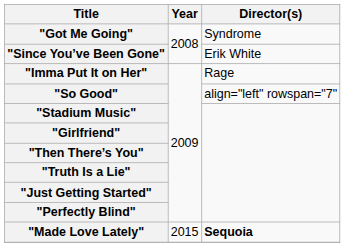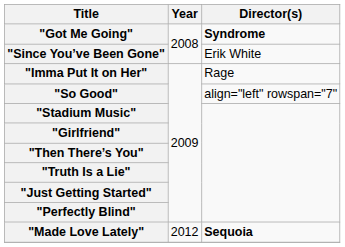 <table class="wikitable plainrowheaders sortable" border="1">
 <tr>
 <th scope="col">Title</th>
 <th scope="col">Year</th>
 <th scope="col">Director(s)</th>
 </tr>
 <tr>
 <th scope="row">"Got Me Going"</th>
 <td rowspan="2" style="text-align:center;">2008</td>
-<td align="left">Syndrome</td>
+<td align="left"><strong>Syndrome</strong></td>
 </tr>
 <tr>
 <th scope="row">"Since You’ve Been Gone"</th>
 <td align="left">Erik White</td>
 </tr>
 <tr>
 <th scope="row">"Imma Put It on Her"</th>
 <td rowspan="8" style="text-align:center;">2009</td>
 <td>Rage</td>
 </tr>
 <tr>
 <th scope="row">"So Good"</th>
 <td>align="left" rowspan="7" </td>
 </tr>
 <tr>
 <th scope="row">"Stadium Music"</th>
 </tr>
 <tr>
 <th scope="row">"Girlfriend"</th>
 </tr>
 <tr>
 <th scope="row">"Then There’s You"</th>
 </tr>
 <tr>
 <th scope="row">"Truth Is a Lie"</th>
 </tr>
 <tr>
 <th scope="row">"Just Getting Started"</th>
 </tr>
 <tr>
 <th scope="row">"Perfectly Blind"</th>
 </tr>
 <tr>
 <th scope="row">"Made Love Lately"</th>
-<td align="center" rowspan="1">2015</td>
+<td align="center" rowspan="1">2012</td>
 <td align="left"><strong>Sequoia</strong></td>
 </tr>
 <tr>
 </tr>
 </table>
